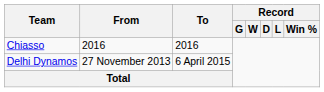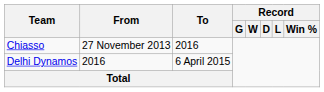 <table class="wikitable" style="text-align: center">
 <tr>
 <th rowspan="2">Team</th>
 <th rowspan="2">From</th>
 <th rowspan="2">To</th>
 <th colspan="7">Record</th>
 </tr>
 <tr>
 <th>G</th>
 <th>W</th>
 <th>D</th>
 <th>L</th>
 <th>Win %</th>
 </tr>
 <tr>
 <td align="left"><a href='#'>Chiasso</a></td>
-<td align="left">2016</td>
+<td align="left">27 November 2013</td>
 <td align="left">2016<br></td>
 </tr>
 <tr>
 <td align="left"><a href='#'>Delhi Dynamos</a></td>
-<td align="left">27 November 2013</td>
+<td align="left">2016</td>
 <td align="left">6 April 2015<br></td>
 </tr>
 <tr>
 <th colspan=3>Total<br></th>
 </tr>
 </table>
